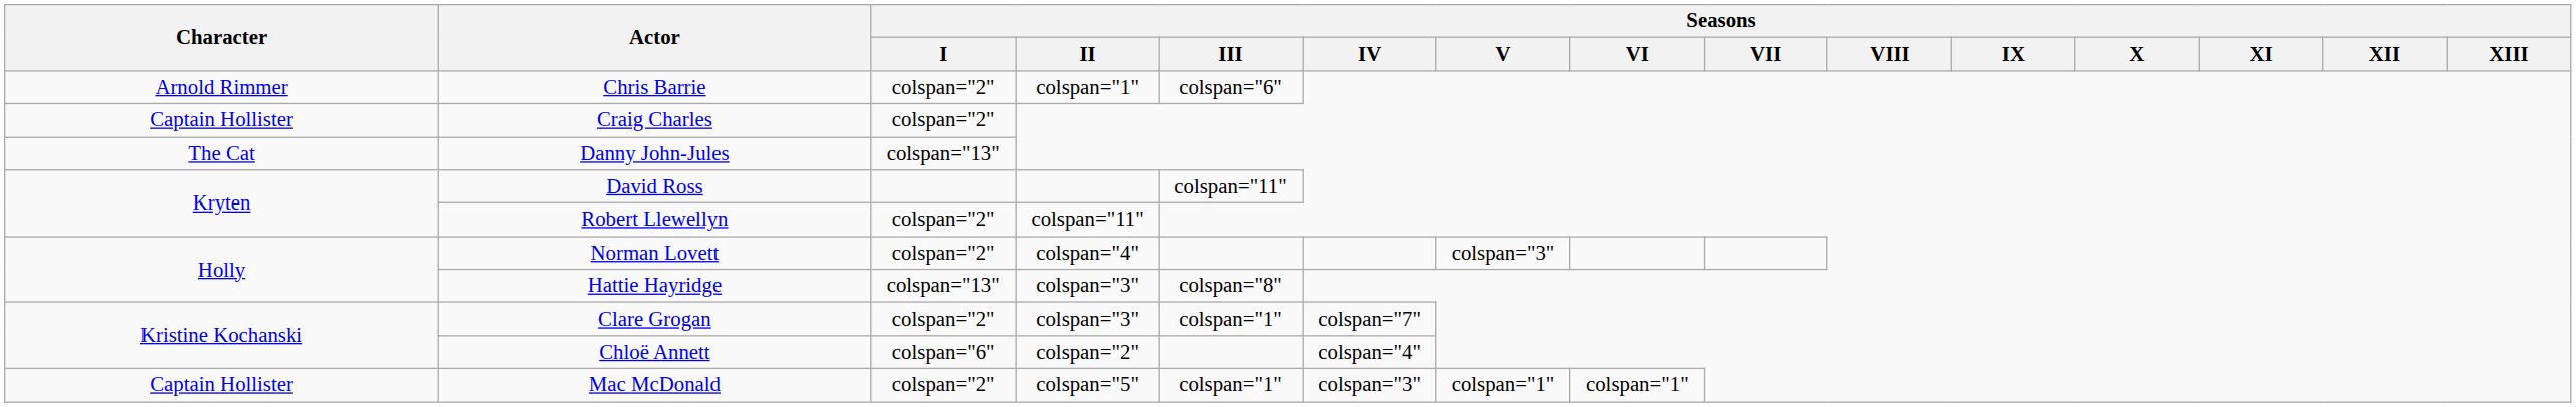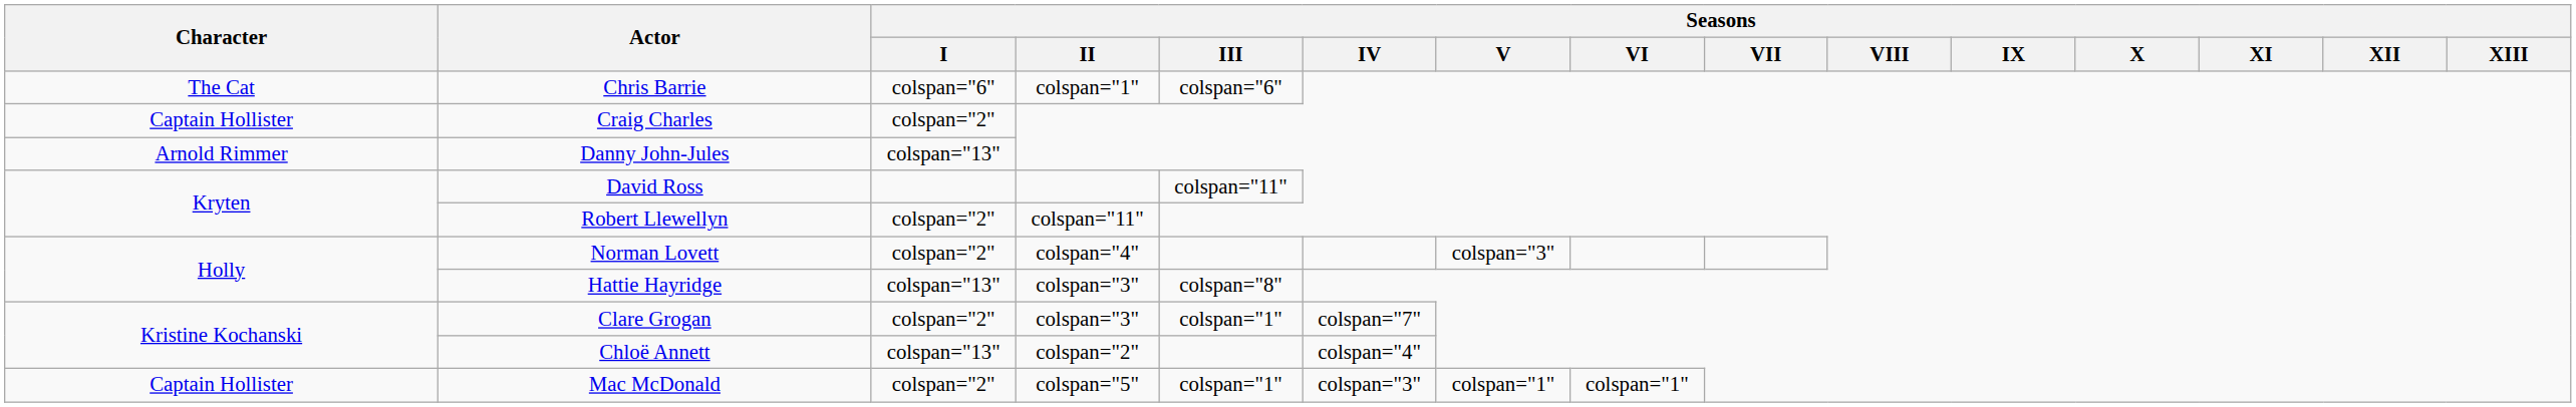 <table class="wikitable plainrowheaders" style="text-align:center">
 <tr>
 <th rowspan="2" width="14%" scope="col">Character</th>
 <th rowspan="2" width="14%" scope="col">Actor</th>
 <th colspan="13">Seasons</th>
 </tr>
 <tr>
 <th style="width:4%;">I</th>
 <th style="width:4%;">II</th>
 <th style="width:4%;">III</th>
 <th style="width:4%;">IV</th>
 <th style="width:4%;">V</th>
 <th style="width:4%;">VI</th>
 <th style="width:4%;">VII</th>
 <th style="width:4%;">VIII</th>
 <th style="width:4%;">IX </th>
 <th style="width:4%;">X</th>
 <th style="width:4%;">XI</th>
 <th style="width:4%;">XII</th>
 <th style="width:4%;">XIII </th>
 </tr>
 <tr>
-<td><a href='#'>Arnold Rimmer</a></td>
+<td><a href='#'>The Cat</a></td>
 <td><a href='#'>Chris Barrie</a></td>
-<td>colspan="2" </td>
+<td>colspan="6" </td>
 <td>colspan="1" </td>
 <td>colspan="6" </td>
 </tr>
 <tr>
 <td><a href='#'>Captain Hollister</a></td>
 <td><a href='#'>Craig Charles</a></td>
 <td>colspan="2" </td>
 </tr>
 <tr>
-<td><a href='#'>The Cat</a></td>
+<td><a href='#'>Arnold Rimmer</a></td>
 <td><a href='#'>Danny John-Jules</a></td>
 <td>colspan="13" </td>
 </tr>
 <tr>
 <td rowspan="2"><a href='#'>Kryten</a></td>
 <td><a href='#'>David Ross</a></td>
 <td></td>
 <td></td>
 <td>colspan="11" </td>
 </tr>
 <tr>
 <td><a href='#'>Robert Llewellyn</a></td>
 <td>colspan="2" </td>
 <td>colspan="11" </td>
 </tr>
 <tr>
 <td rowspan="2"><a href='#'>Holly</a></td>
 <td><a href='#'>Norman Lovett</a></td>
 <td>colspan="2" </td>
 <td>colspan="4" </td>
 <td></td>
 <td></td>
 <td>colspan="3" </td>
 <td></td>
 <td></td>
 </tr>
 <tr>
 <td><a href='#'>Hattie Hayridge</a></td>
 <td>colspan="13" </td>
 <td>colspan="3" </td>
 <td>colspan="8" </td>
 </tr>
 <tr>
 <td rowspan="2"><a href='#'>Kristine Kochanski</a></td>
 <td><a href='#'>Clare Grogan</a></td>
 <td>colspan="2" </td>
 <td>colspan="3" </td>
 <td>colspan="1" </td>
 <td>colspan="7" </td>
 </tr>
 <tr>
 <td><a href='#'>Chloë Annett</a></td>
-<td>colspan="6" </td>
+<td>colspan="13" </td>
 <td>colspan="2" </td>
 <td></td>
 <td>colspan="4" </td>
 </tr>
 <tr>
 <td><a href='#'>Captain Hollister</a></td>
 <td><a href='#'>Mac McDonald</a></td>
 <td>colspan="2" </td>
 <td>colspan="5" </td>
 <td>colspan="1" </td>
 <td>colspan="3" </td>
 <td>colspan="1"</td>
 <td>colspan="1" </td>
 </tr>
 </table>
